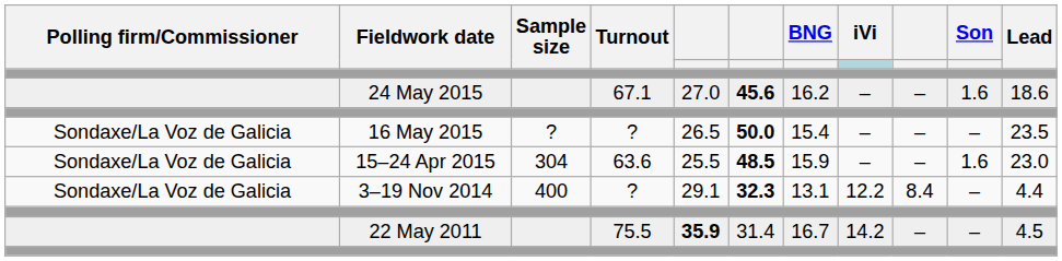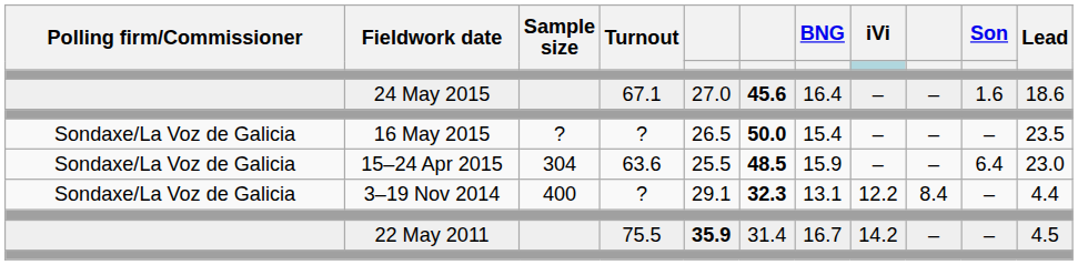 <table class="wikitable collapsible collapsed" style="text-align:center; font-size:95%; line-height:16px;">
 <tr style="height:42px;">
 <th style="width:250px;" rowspan="2">Polling firm/Commissioner</th>
 <th style="width:125px;" rowspan="2">Fieldwork date</th>
 <th style="width:50px;" rowspan="2">Sample size</th>
 <th style="width:45px;" rowspan="2">Turnout</th>
 <th style="width:35px;"></th>
 <th style="width:35px;"></th>
 <th style="width:35px;"><a href='#'>BNG</a></th>
 <th style="width:35px;">iVi</th>
 <th style="width:35px;"></th>
 <th style="width:35px;"><a href='#'>Son</a></th>
 <th style="width:30px;" rowspan="2">Lead</th>
 </tr>
 <tr>
 <th style="color:inherit;background:"></th>
 <th style="color:inherit;background:"></th>
 <th style="color:inherit;background:"></th>
 <th style="color:inherit;background:#B0D7DE;"></th>
 <th style="color:inherit;background:"></th>
 <th style="color:inherit;background:"></th>
 </tr>
 <tr>
 <td colspan="11" style="background:#A0A0A0"></td>
 </tr>
 <tr style="background:#EFEFEF;">
 <td><strong></strong></td>
 <td>24 May 2015</td>
 <td></td>
 <td>67.1</td>
 <td>27.0<br></td>
 <td><strong>45.6</strong><br></td>
-<td>16.2<br></td>
+<td>16.4<br></td>
 <td>–</td>
 <td>–</td>
 <td>1.6<br></td>
 <td style="background:">18.6</td>
 </tr>
 <tr>
 <td colspan="11" style="background:#A0A0A0"></td>
 </tr>
 <tr>
 <td>Sondaxe/La Voz de Galicia</td>
 <td>16 May 2015</td>
 <td>?</td>
 <td>?</td>
 <td>26.5<br></td>
 <td><strong>50.0</strong><br></td>
 <td>15.4<br></td>
 <td>–</td>
 <td>–</td>
 <td>–</td>
 <td style="background:">23.5</td>
 </tr>
 <tr>
 <td>Sondaxe/La Voz de Galicia</td>
 <td>15–24 Apr 2015</td>
 <td>304</td>
 <td>63.6</td>
 <td>25.5<br></td>
 <td><strong>48.5</strong><br></td>
 <td>15.9<br></td>
 <td>–</td>
 <td>–</td>
-<td>1.6<br></td>
+<td>6.4<br></td>
 <td style="background:">23.0</td>
 </tr>
 <tr>
 <td>Sondaxe/La Voz de Galicia</td>
 <td>3–19 Nov 2014</td>
 <td>400</td>
 <td>?</td>
 <td>29.1<br></td>
 <td><strong>32.3</strong><br></td>
 <td>13.1<br></td>
 <td>12.2<br></td>
 <td>8.4<br></td>
 <td>–</td>
 <td style="background:">4.4</td>
 </tr>
 <tr>
 <td colspan="11" style="background:#A0A0A0"></td>
 </tr>
 <tr style="background:#EFEFEF;">
 <td><strong></strong></td>
 <td>22 May 2011</td>
 <td></td>
 <td>75.5</td>
 <td><strong>35.9</strong><br></td>
 <td>31.4<br></td>
 <td>16.7<br></td>
 <td>14.2<br></td>
 <td>–</td>
 <td>–</td>
 <td style="background:">4.5</td>
 </tr>
 <tr>
 <td colspan="11" style="background:#A0A0A0"></td>
 </tr>
 </table>
